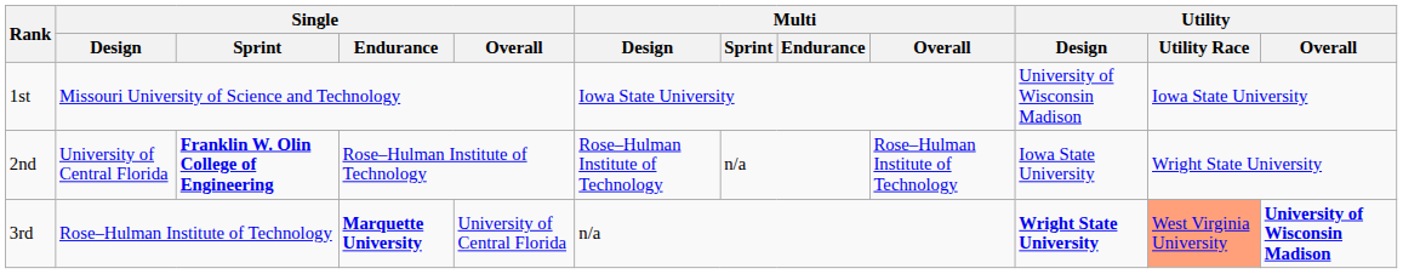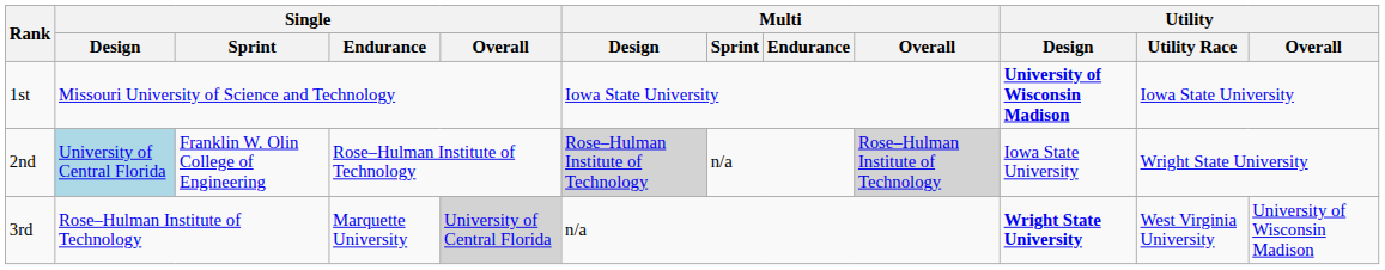 <table class="wikitable mw-collapsible">
 <tr>
 <th rowspan="2">Rank</th>
 <th colspan="4">Single</th>
 <th colspan="4">Multi</th>
 <th colspan="3">Utility</th>
 </tr>
 <tr>
 <th>Design</th>
 <th>Sprint</th>
 <th>Endurance</th>
 <th>Overall</th>
 <th>Design</th>
 <th>Sprint</th>
 <th>Endurance</th>
 <th>Overall</th>
 <th>Design</th>
 <th>Utility Race</th>
 <th>Overall</th>
 </tr>
 <tr>
 <td>1st</td>
 <td colspan="4"><a href='#'>Missouri University of Science and Technology</a></td>
 <td colspan="4"><a href='#'>Iowa State University</a></td>
-<td><a href='#'>University of Wisconsin Madison</a></td>
+<td><strong><a href='#'>University of Wisconsin Madison</a></strong></td>
 <td colspan="2"><a href='#'>Iowa State University</a></td>
 </tr>
 <tr>
 <td>2nd</td>
-<td><a href='#'>University of Central Florida</a></td>
-<td><strong><a href='#'>Franklin W. Olin College of Engineering</a></strong></td>
+<td style="background: lightblue;"><a href='#'>University of Central Florida</a></td>
+<td><a href='#'>Franklin W. Olin College of Engineering</a></td>
 <td colspan="2"><a href='#'>Rose–Hulman Institute of Technology</a></td>
-<td><a href='#'>Rose–Hulman Institute of Technology</a></td>
+<td style="background: lightgrey;"><a href='#'>Rose–Hulman Institute of Technology</a></td>
 <td colspan="2">n/a</td>
-<td><a href='#'>Rose–Hulman Institute of Technology</a></td>
+<td style="background: lightgrey;"><a href='#'>Rose–Hulman Institute of Technology</a></td>
 <td><a href='#'>Iowa State University</a></td>
 <td colspan="2"><a href='#'>Wright State University</a></td>
 </tr>
 <tr>
 <td>3rd</td>
 <td colspan="2"><a href='#'>Rose–Hulman Institute of Technology</a></td>
-<td><strong><a href='#'>Marquette University</a></strong></td>
-<td><a href='#'>University of Central Florida</a></td>
+<td><a href='#'>Marquette University</a></td>
+<td style="background: lightgrey;"><a href='#'>University of Central Florida</a></td>
 <td colspan="4">n/a</td>
 <td><strong><a href='#'>Wright State University</a></strong></td>
-<td style="background: lightsalmon;"><a href='#'>West Virginia University</a></td>
-<td><strong><a href='#'>University of Wisconsin Madison</a></strong></td>
+<td><a href='#'>West Virginia University</a></td>
+<td><a href='#'>University of Wisconsin Madison</a></td>
 </tr>
 </table>
